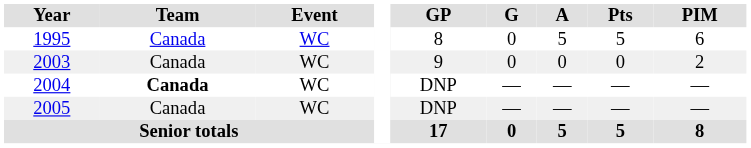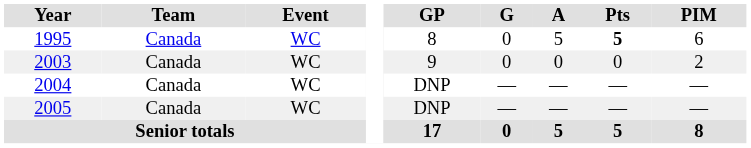 <table border="0" cellpadding="1" cellspacing="0" style="text-align:center; width:40em">
 <tr ALIGN="center" bgcolor="#e0e0e0">
 <th>Year</th>
 <th>Team</th>
 <th>Event</th>
 <th rowspan="99" bgcolor="#ffffff"> </th>
 <th>GP</th>
 <th>G</th>
 <th>A</th>
 <th>Pts</th>
 <th>PIM</th>
 </tr>
 <tr>
 <td><a href='#'>1995</a></td>
 <td><a href='#'>Canada</a></td>
 <td><a href='#'>WC</a></td>
 <td>8</td>
 <td>0</td>
 <td>5</td>
-<td>5</td>
+<td><strong>5</strong></td>
 <td>6</td>
 </tr>
 <tr bgcolor="#f0f0f0">
 <td><a href='#'>2003</a></td>
 <td>Canada</td>
 <td>WC</td>
 <td>9</td>
 <td>0</td>
 <td>0</td>
 <td>0</td>
 <td>2</td>
 </tr>
 <tr>
 <td><a href='#'>2004</a></td>
-<td><strong>Canada</strong></td>
+<td>Canada</td>
 <td>WC</td>
 <td>DNP</td>
 <td>—</td>
 <td>—</td>
 <td>—</td>
 <td>—</td>
 </tr>
 <tr bgcolor="#f0f0f0">
 <td><a href='#'>2005</a></td>
 <td>Canada</td>
 <td>WC</td>
 <td>DNP</td>
 <td>—</td>
 <td>—</td>
 <td>—</td>
 <td>—</td>
 </tr>
 <tr bgcolor="#e0e0e0">
 <th colspan="3">Senior totals</th>
 <th>17</th>
 <th>0</th>
 <th>5</th>
 <th>5</th>
 <th>8</th>
 </tr>
 </table>
